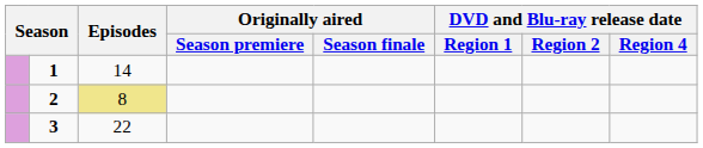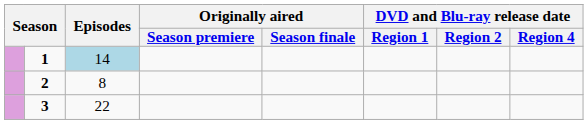 <table class="wikitable" style="text-align:center">
 <tr>
 <th style="padding:0 8px;" colspan="2" rowspan="2">Season</th>
 <th style="padding:0 8px;" rowspan="2">Episodes</th>
 <th colspan="2">Originally aired</th>
 <th colspan="3"><a href='#'>DVD</a> and <a href='#'>Blu-ray</a> release date</th>
 </tr>
 <tr>
 <th style="padding:0 8px;"><a href='#'>Season premiere</a></th>
 <th style="padding:0 8px;"><a href='#'>Season finale</a></th>
 <th style="padding:0 8px;"><a href='#'>Region 1</a></th>
 <th style="padding:0 8px;"><a href='#'>Region 2</a></th>
 <th style="padding:0 8px;"><a href='#'>Region 4</a></th>
 </tr>
 <tr>
 <td bgcolor="#DDA0DD"></td>
 <td><strong>1</strong></td>
-<td>14</td>
+<td style="background: lightblue;">14</td>
 <td></td>
 <td></td>
 <td></td>
 <td></td>
 <td></td>
 </tr>
 <tr>
 <td bgcolor="#DDA0DD"></td>
 <td><strong>2</strong></td>
-<td style="background: khaki;">8</td>
+<td>8</td>
 <td></td>
 <td></td>
 <td></td>
 <td></td>
 <td></td>
 </tr>
 <tr>
 <td bgcolor="#DDA0DD"></td>
 <td><strong>3</strong></td>
 <td>22</td>
 <td></td>
 <td></td>
 <td></td>
 <td></td>
 <td></td>
 </tr>
 </table>
